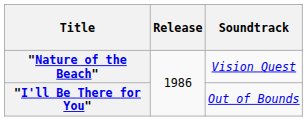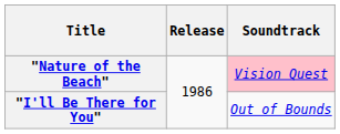 <table class="wikitable plainrowheaders" style="text-align:center;">
 <tr>
 <th scope="col" style="width:12em;"><br>Title<br><br></th>
 <th scope="col">Release</th>
 <th scope="col">Soundtrack</th>
 </tr>
 <tr>
 <th scope="row">"<a href='#'>Nature of the Beach</a>"</th>
 <td rowspan="2">1986</td>
-<td><em><a href='#'>Vision Quest</a></em></td>
+<td style="background: pink;"><em><a href='#'>Vision Quest</a></em></td>
 </tr>
 <tr>
 <th scope="row">"<a href='#'>I'll Be There for You</a>"</th>
 <td><em><a href='#'>Out of Bounds</a></em></td>
 </tr>
 </table>
